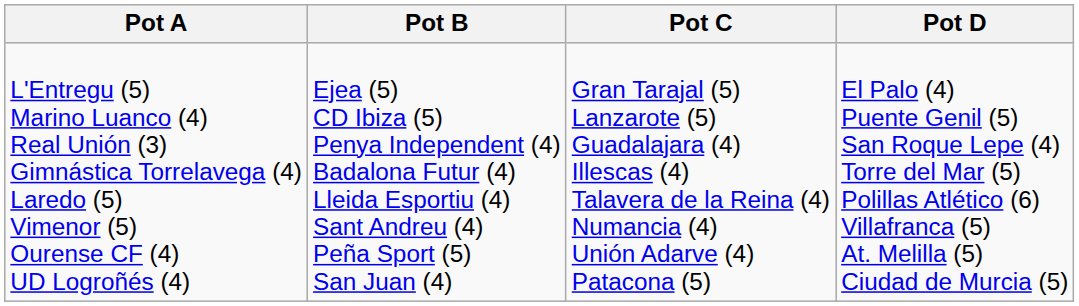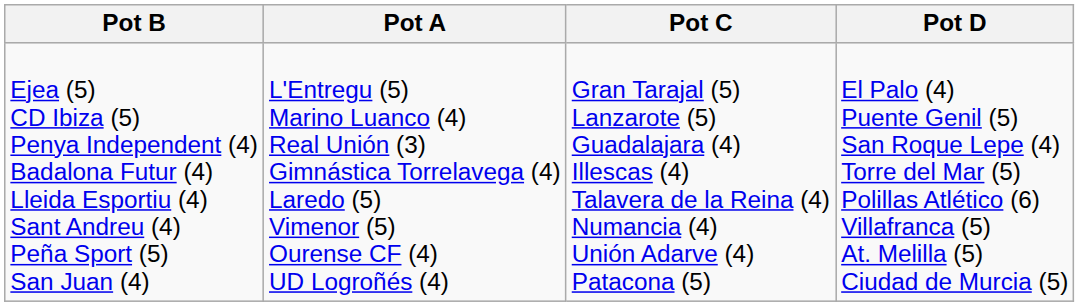 <table class="wikitable">
 <tr>
+<th>Pot B</th>
 <th>Pot A</th>
-<th>Pot B</th>
 <th>Pot C</th>
 <th>Pot D</th>
 </tr>
 <tr style="vertical-align:top">
+<td><br> <a href='#'>Ejea</a> (5)<br>  <a href='#'>CD Ibiza</a> (5)<br>  <a href='#'>Penya Independent</a> (4)<br>  <a href='#'>Badalona Futur</a> (4)<br>  <a href='#'>Lleida Esportiu</a> (4)<br>  <a href='#'>Sant Andreu</a> (4)<br>  <a href='#'>Peña Sport</a> (5)<br>  <a href='#'>San Juan</a> (4)</td>
 <td><br> <a href='#'>L'Entregu</a> (5)<br>  <a href='#'>Marino Luanco</a> (4)<br>  <a href='#'>Real Unión</a> (3)<br>  <a href='#'>Gimnástica Torrelavega</a> (4)<br>  <a href='#'>Laredo</a> (5)<br>  <a href='#'>Vimenor</a> (5)<br>  <a href='#'>Ourense CF</a> (4)<br>  <a href='#'>UD Logroñés</a> (4)</td>
-<td><br> <a href='#'>Ejea</a> (5)<br>  <a href='#'>CD Ibiza</a> (5)<br>  <a href='#'>Penya Independent</a> (4)<br>  <a href='#'>Badalona Futur</a> (4)<br>  <a href='#'>Lleida Esportiu</a> (4)<br>  <a href='#'>Sant Andreu</a> (4)<br>  <a href='#'>Peña Sport</a> (5)<br>  <a href='#'>San Juan</a> (4)</td>
 <td><br> <a href='#'>Gran Tarajal</a> (5)<br>  <a href='#'>Lanzarote</a> (5)<br>  <a href='#'>Guadalajara</a> (4)<br>  <a href='#'>Illescas</a> (4)<br>  <a href='#'>Talavera de la Reina</a> (4)<br>  <a href='#'>Numancia</a> (4)<br>  <a href='#'>Unión Adarve</a> (4)<br>  <a href='#'>Patacona</a> (5)</td>
 <td><br> <a href='#'>El Palo</a> (4)<br>  <a href='#'>Puente Genil</a> (5)<br>  <a href='#'>San Roque Lepe</a> (4)<br>  <a href='#'>Torre del Mar</a> (5)<br>  <a href='#'>Polillas Atlético</a> (6)<br>  <a href='#'>Villafranca</a> (5)<br>  <a href='#'>At. Melilla</a> (5)<br>  <a href='#'>Ciudad de Murcia</a> (5)</td>
 </tr>
 </table>
